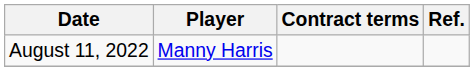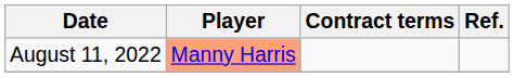 <table class="wikitable">
 <tr>
 <th>Date</th>
 <th>Player</th>
 <th>Contract terms</th>
 <th>Ref.</th>
 </tr>
 <tr>
 <td>August 11, 2022</td>
-<td><a href='#'>Manny Harris</a></td>
+<td style="background: lightsalmon;"><a href='#'>Manny Harris</a></td>
 <td></td>
 <td></td>
 </tr>
 <tr>
 </tr>
 </table>
